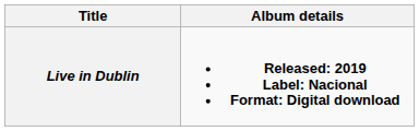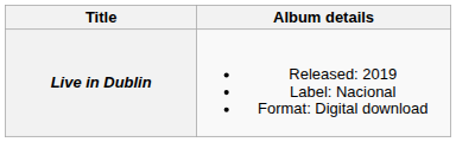 <table class="wikitable plainrowheaders" style="text-align:center;">
 <tr>
 <th scope="col" style="width:12em;">Title</th>
 <th scope="col" style="width:16em;">Album details</th>
 </tr>
 <tr>
 <th scope="row"><em>Live in Dublin</em></th>
-<td><strong><br><ul><li>Released: 2019</li><li>Label: Nacional</li><li>Format: Digital download</li></ul></strong></td>
+<td><br><ul><li>Released: 2019</li><li>Label: Nacional</li><li>Format: Digital download</li></ul></td>
 </tr>
 </table>
